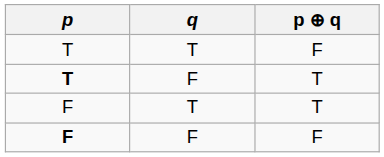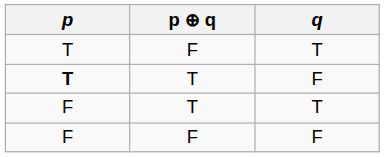 <table class="wikitable" style="margin:1em auto; text-align:center;">
 <tr>
 <th style="width:15%"><em>p</em></th>
+<th style="width:15%"><strong>p</strong> ⊕ <strong>q</strong></th>
 <th style="width:15%"><em>q</em></th>
-<th style="width:15%"><strong>p</strong> ⊕ <strong>q</strong></th>
 </tr>
 <tr>
 <td>T</td>
+<td>F</td>
 <td>T</td>
-<td>F</td>
 </tr>
 <tr>
 <td><strong>T</strong></td>
+<td>T</td>
 <td>F</td>
-<td>T</td>
 </tr>
 <tr>
 <td>F</td>
 <td>T</td>
 <td>T</td>
 </tr>
 <tr>
-<td><strong>F</strong></td>
+<td>F</td>
 <td>F</td>
 <td>F</td>
 </tr>
 </table>
